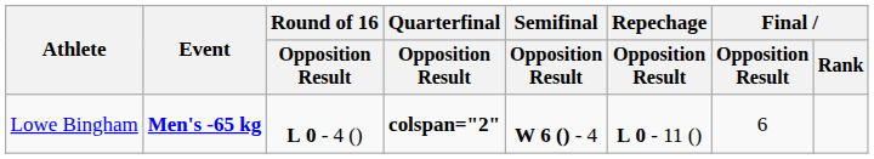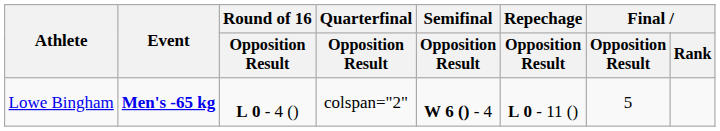 <table class="wikitable" style="font-size:90%;">
 <tr>
 <th rowspan=2>Athlete</th>
 <th rowspan=2>Event</th>
 <th>Round of 16</th>
 <th>Quarterfinal</th>
 <th>Semifinal</th>
 <th>Repechage</th>
 <th colspan=2>Final / </th>
 </tr>
 <tr style="font-size: 95%">
 <th>Opposition<br>Result</th>
 <th>Opposition<br>Result</th>
 <th>Opposition<br>Result</th>
 <th>Opposition<br>Result</th>
 <th>Opposition<br>Result</th>
 <th>Rank</th>
 </tr>
 <tr align=center>
 <td align=left><a href='#'>Lowe Bingham</a></td>
 <td align=left><strong><a href='#'>Men's -65 kg</a></strong></td>
 <td><br><strong>L</strong> <strong>0</strong> - 4 ()</td>
-<td><strong>colspan="2" </strong></td>
+<td>colspan="2" </td>
 <td><br><strong>W</strong> <strong>6 ()</strong> - 4</td>
 <td><br><strong>L</strong> <strong>0</strong> - 11 ()</td>
-<td>6</td>
+<td>5</td>
 </tr>
 </table>
